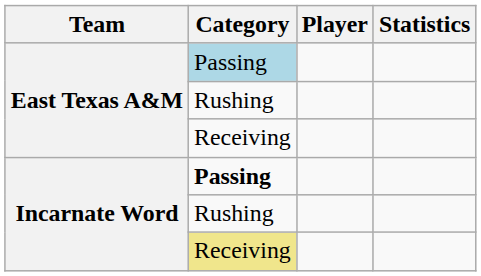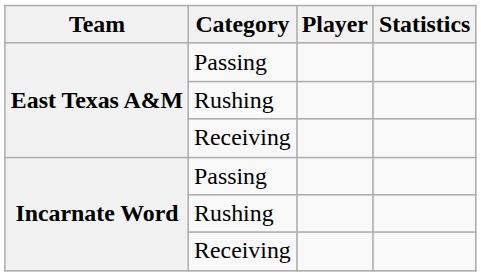 <table class="wikitable" style="float:right">
 <tr>
 <th>Team</th>
 <th>Category</th>
 <th>Player</th>
 <th>Statistics</th>
 </tr>
 <tr>
 <th rowspan=3>East Texas A&M</th>
-<td style="background: lightblue;">Passing</td>
+<td>Passing</td>
 <td></td>
 <td></td>
 </tr>
 <tr>
 <td>Rushing</td>
 <td></td>
 <td></td>
 </tr>
 <tr>
 <td>Receiving</td>
 <td></td>
 <td></td>
 </tr>
 <tr>
 <th rowspan=3>Incarnate Word</th>
-<td><strong>Passing</strong></td>
+<td>Passing</td>
 <td></td>
 <td></td>
 </tr>
 <tr>
 <td>Rushing</td>
 <td></td>
 <td></td>
 </tr>
 <tr>
-<td style="background: khaki;">Receiving</td>
+<td>Receiving</td>
 <td></td>
 <td></td>
 </tr>
 </table>
